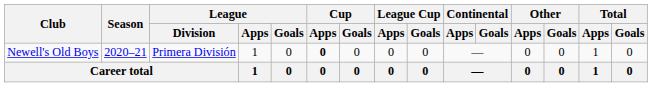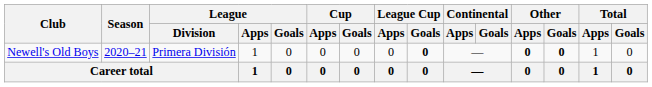 <table class="wikitable" style="text-align:center">
 <tr>
 <th rowspan="2">Club</th>
 <th rowspan="2">Season</th>
 <th colspan="3">League</th>
 <th colspan="2">Cup</th>
 <th colspan="2">League Cup</th>
 <th colspan="2">Continental</th>
 <th colspan="2">Other</th>
 <th colspan="2">Total</th>
 </tr>
 <tr>
 <th>Division</th>
 <th>Apps</th>
 <th>Goals</th>
 <th>Apps</th>
 <th>Goals</th>
 <th>Apps</th>
 <th>Goals</th>
 <th>Apps</th>
 <th>Goals</th>
 <th>Apps</th>
 <th>Goals</th>
 <th>Apps</th>
 <th>Goals</th>
 </tr>
 <tr>
 <td rowspan="1"><a href='#'>Newell's Old Boys</a></td>
 <td><a href='#'>2020–21</a></td>
 <td rowspan="1"><a href='#'>Primera División</a></td>
 <td>1</td>
 <td>0</td>
-<td><strong>0</strong></td>
 <td>0</td>
 <td>0</td>
 <td>0</td>
+<td><strong>0</strong></td>
 <td colspan="2">—</td>
-<td>0</td>
-<td>0</td>
+<td><strong>0</strong></td>
+<td><strong>0</strong></td>
 <td>1</td>
 <td>0</td>
 </tr>
 <tr>
 <th colspan="3">Career total</th>
 <th>1</th>
 <th>0</th>
 <th>0</th>
 <th>0</th>
 <th>0</th>
 <th>0</th>
 <th colspan="2">—</th>
 <th>0</th>
 <th>0</th>
 <th>1</th>
 <th>0</th>
 </tr>
 </table>
